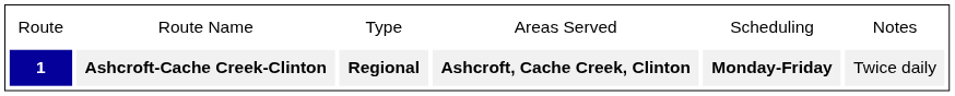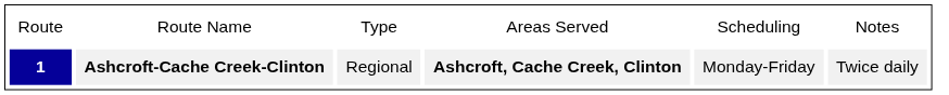 <table border="0" cellspacing="4" cellpadding="8" style="border: black solid 1px;">
 <tr>
 <td Style="background: #FFFFFF; color: black; text-align: center;">Route</td>
 <td Style="background: #FFFFFF; color: black; text-align: center;">Route Name</td>
 <td Style="background: #FFFFFF; color: black; text-align: center;">Type</td>
 <td Style="background: #FFFFFF; color: black; text-align: center;">Areas Served</td>
 <td Style="background: #FFFFFF; color: black; text-align: center;">Scheduling</td>
 <td Style="background: #FFFFFF; color: black; text-align: center;">Notes</td>
 </tr>
 <tr>
 <td Style="background: #050099; color: white; text-align: center;"><strong>1</strong></td>
 <td Style="background: #F1F1F1; color: black; text-align: center;"><strong>Ashcroft-Cache Creek-Clinton</strong></td>
-<td Style="background: #F1F1F1; color: black; text-align: center;"><strong>Regional</strong></td>
+<td Style="background: #F1F1F1; color: black; text-align: center;">Regional</td>
 <td Style="background: #F1F1F1; color: black; text-align: center;"><strong>Ashcroft, Cache Creek, Clinton</strong></td>
-<td Style="background: #F1F1F1; color: black; text-align: center;"><strong>Monday-Friday</strong></td>
+<td Style="background: #F1F1F1; color: black; text-align: center;">Monday-Friday</td>
 <td Style="background: #F1F1F1; color: black; text-align: center;">Twice daily</td>
 </tr>
 </table>
